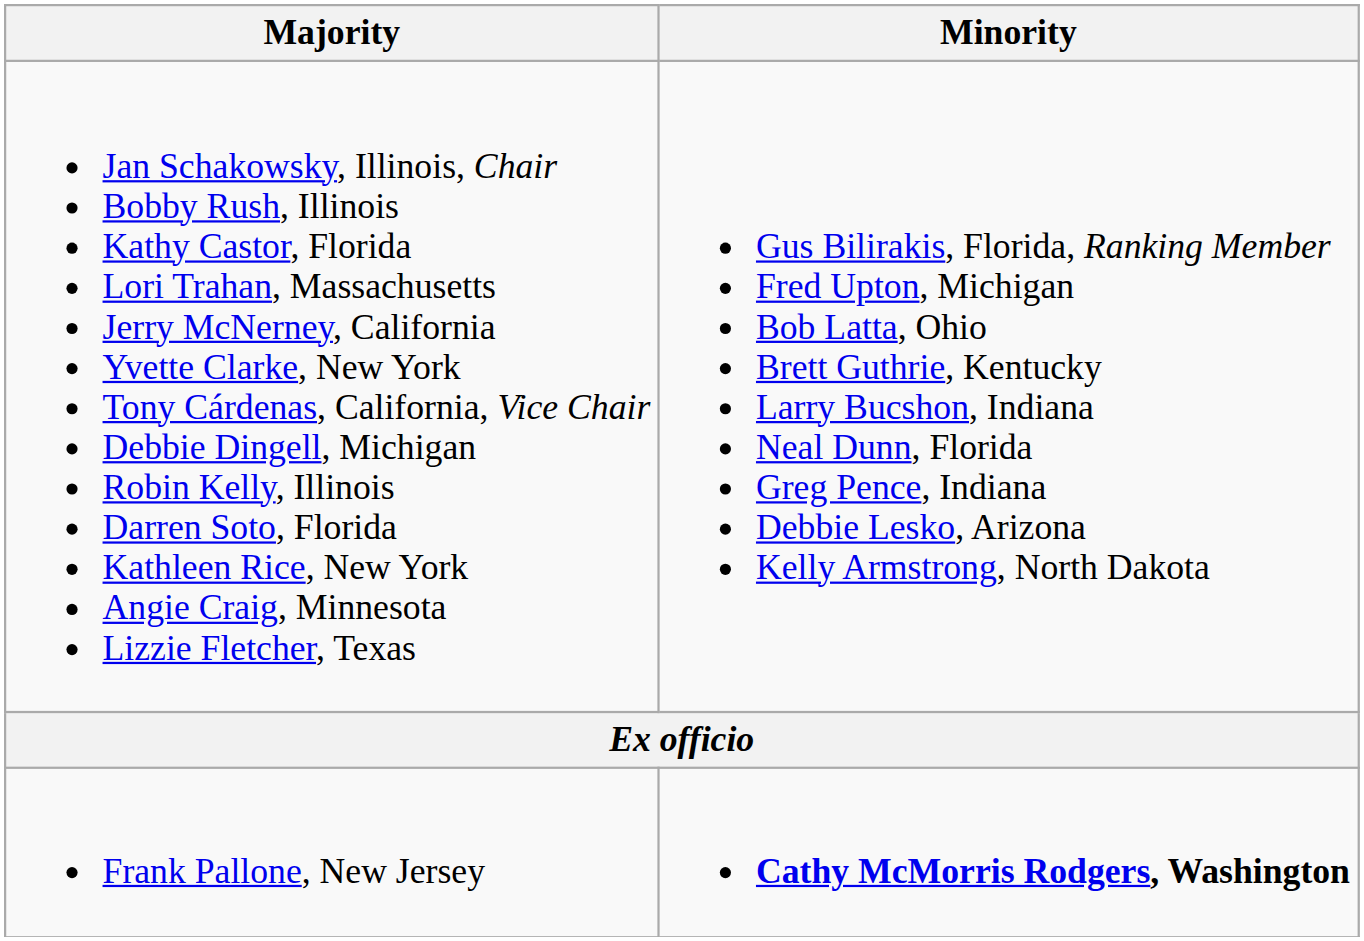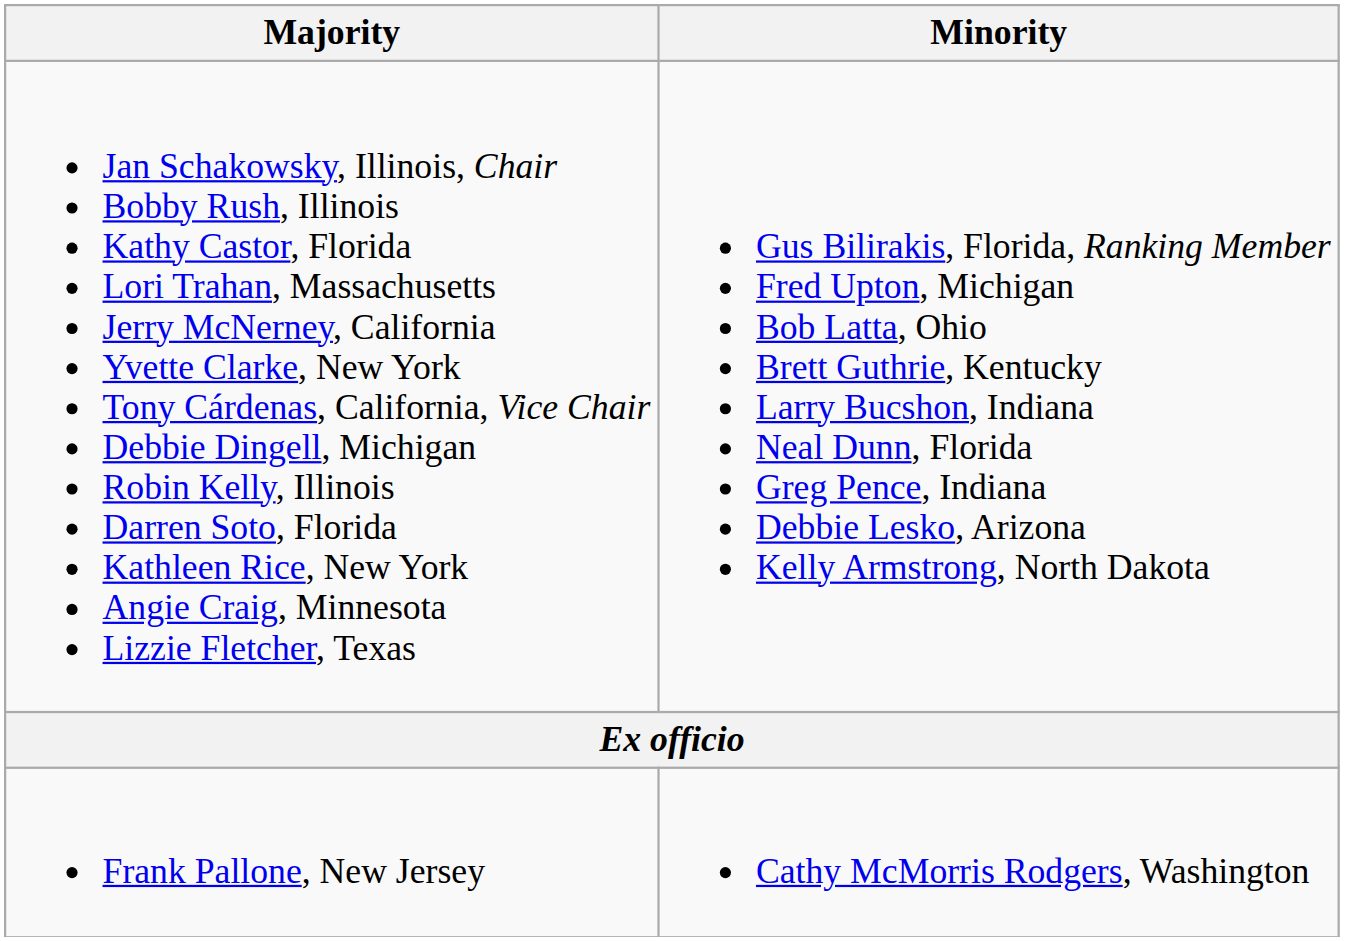 <table class=wikitable>
 <tr>
 <th>Majority</th>
 <th>Minority</th>
 </tr>
 <tr>
 <td><br><ul><li><a href='#'>Jan Schakowsky</a>, Illinois, <em>Chair</em></li><li><a href='#'>Bobby Rush</a>, Illinois</li><li><a href='#'>Kathy Castor</a>, Florida</li><li><a href='#'>Lori Trahan</a>, Massachusetts</li><li><a href='#'>Jerry McNerney</a>, California</li><li><a href='#'>Yvette Clarke</a>, New York</li><li><a href='#'>Tony Cárdenas</a>, California, <em>Vice Chair</em></li><li><a href='#'>Debbie Dingell</a>, Michigan</li><li><a href='#'>Robin Kelly</a>, Illinois</li><li><a href='#'>Darren Soto</a>, Florida</li><li><a href='#'>Kathleen Rice</a>, New York</li><li><a href='#'>Angie Craig</a>, Minnesota</li><li><a href='#'>Lizzie Fletcher</a>, Texas</li></ul></td>
 <td><br><ul><li><a href='#'>Gus Bilirakis</a>, Florida, <em>Ranking Member</em></li><li><a href='#'>Fred Upton</a>, Michigan</li><li><a href='#'>Bob Latta</a>, Ohio</li><li><a href='#'>Brett Guthrie</a>, Kentucky</li><li><a href='#'>Larry Bucshon</a>, Indiana</li><li><a href='#'>Neal Dunn</a>, Florida</li><li><a href='#'>Greg Pence</a>, Indiana</li><li><a href='#'>Debbie Lesko</a>, Arizona</li><li><a href='#'>Kelly Armstrong</a>, North Dakota</li></ul></td>
 </tr>
 <tr>
 <th colspan=2><em>Ex officio</em></th>
 </tr>
 <tr>
 <td><br><ul><li><a href='#'>Frank Pallone</a>, New Jersey</li></ul></td>
-<td><strong><br><ul><li><a href='#'>Cathy McMorris Rodgers</a>, Washington</li></ul></strong></td>
+<td><br><ul><li><a href='#'>Cathy McMorris Rodgers</a>, Washington</li></ul></td>
 </tr>
 </table>
